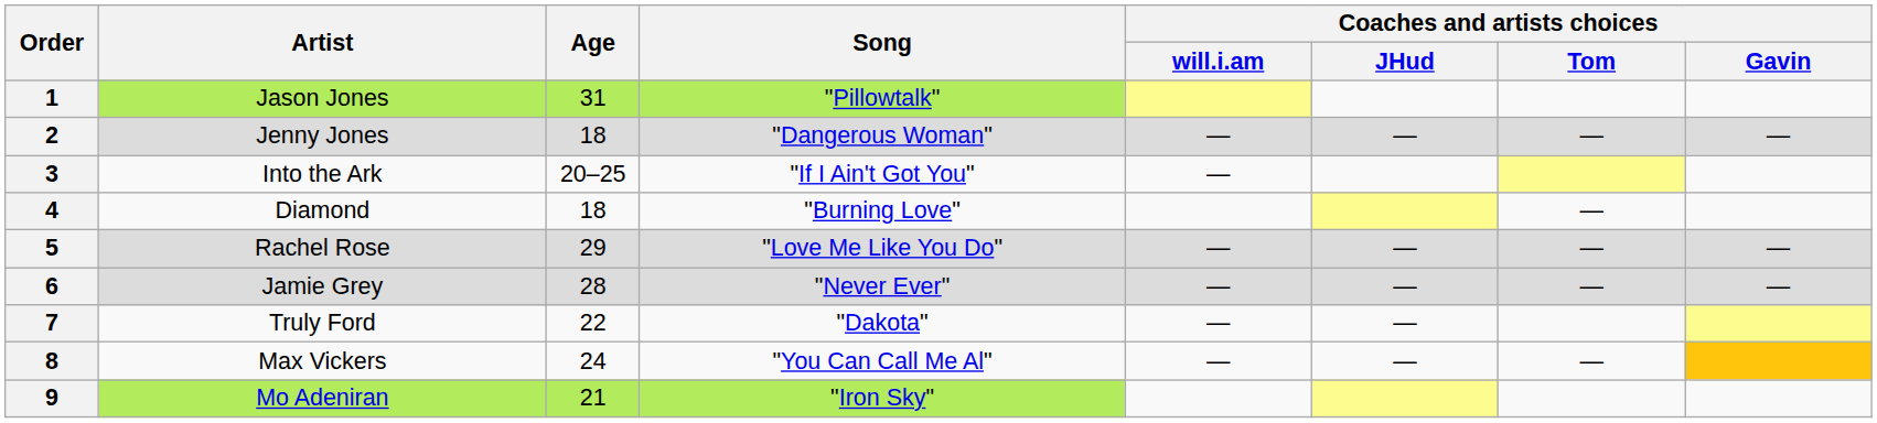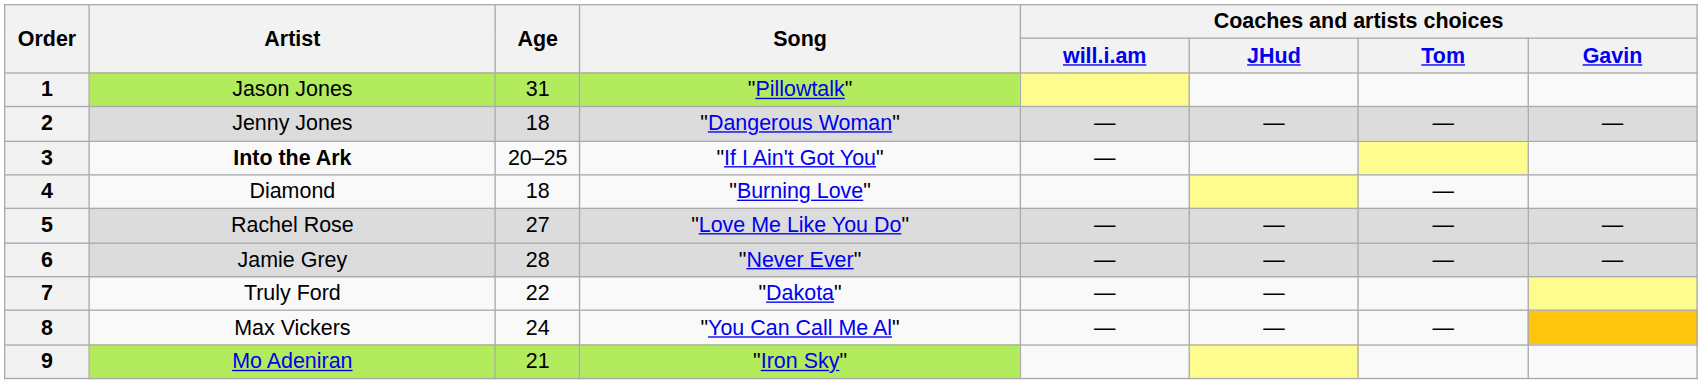 <table class="wikitable" style="text-align:center; width:100%;">
 <tr>
 <th scope="col" rowspan="2" style="width:05%;">Order</th>
 <th scope="col" rowspan="2" style="width:24%;">Artist</th>
 <th scope="col" rowspan="2" style="width:05%;">Age</th>
 <th scope="col" rowspan="2" style="width:26%;">Song</th>
 <th colspan="4" style="width:40%;">Coaches and artists choices</th>
 </tr>
 <tr>
 <th style="width:10%;"><a href='#'>will.i.am</a></th>
 <th style="width:10%;"><a href='#'>JHud</a></th>
 <th style="width:10%;"><a href='#'>Tom</a></th>
 <th style="width:10%;"><a href='#'>Gavin</a></th>
 </tr>
 <tr>
 <th>1</th>
 <td style="background-color:#B2EC5D;">Jason Jones</td>
 <td style="background-color:#B2EC5D;">31</td>
 <td style="background-color:#B2EC5D;">"<a href='#'>Pillowtalk</a>"</td>
 <td style="background:#fdfc8f;"><strong></strong></td>
 <td><strong></strong></td>
 <td><strong></strong></td>
 <td><strong></strong></td>
 </tr>
 <tr style="background:#DCDCDC">
 <th>2</th>
 <td style="background:#DCDCDC; text-align:center;">Jenny Jones</td>
 <td style="background:#DCDCDC; text-align:center;">18</td>
 <td style="background:#DCDCDC; text-align:center;">"<a href='#'>Dangerous Woman</a>"</td>
 <td>—</td>
 <td>—</td>
 <td>—</td>
 <td>—</td>
 </tr>
 <tr>
 <th>3</th>
-<td>Into the Ark</td>
+<td><strong>Into the Ark</strong></td>
 <td>20–25</td>
 <td>"<a href='#'>If I Ain't Got You</a>"</td>
 <td>—</td>
 <td><strong></strong></td>
 <td style="background:#fdfc8f;"><strong></strong></td>
 <td><strong></strong></td>
 </tr>
 <tr>
 <th>4</th>
 <td>Diamond</td>
 <td>18</td>
 <td>"<a href='#'>Burning Love</a>"</td>
 <td><strong></strong></td>
 <td style="background:#fdfc8f;"><strong></strong></td>
 <td>—</td>
 <td><strong></strong></td>
 </tr>
 <tr style="background:#DCDCDC">
 <th>5</th>
 <td style="background:#DCDCDC; text-align:center;">Rachel Rose</td>
-<td style="background:#DCDCDC; text-align:center;">29</td>
+<td style="background:#DCDCDC; text-align:center;">27</td>
 <td style="background:#DCDCDC; text-align:center;">"<a href='#'>Love Me Like You Do</a>"</td>
 <td>—</td>
 <td>—</td>
 <td>—</td>
 <td>—</td>
 </tr>
 <tr style="background:#DCDCDC">
 <th>6</th>
 <td style="background:#DCDCDC; text-align:center;">Jamie Grey</td>
 <td style="background:#DCDCDC; text-align:center;">28</td>
 <td style="background:#DCDCDC; text-align:center;">"<a href='#'>Never Ever</a>"</td>
 <td>—</td>
 <td>—</td>
 <td>—</td>
 <td>—</td>
 </tr>
 <tr>
 <th>7</th>
 <td>Truly Ford</td>
 <td>22</td>
 <td>"<a href='#'>Dakota</a>"</td>
 <td>—</td>
 <td>—</td>
 <td><strong></strong></td>
 <td style="background:#fdfc8f;"><strong></strong></td>
 </tr>
 <tr>
 <th>8</th>
 <td>Max Vickers</td>
 <td>24</td>
 <td>"<a href='#'>You Can Call Me Al</a>"</td>
 <td>—</td>
 <td>—</td>
 <td>—</td>
 <td style="background:#FFC40C;text-align:center;"><strong></strong></td>
 </tr>
 <tr>
 <th>9</th>
 <td style="background-color:#B2EC5D;"><a href='#'>Mo Adeniran</a></td>
 <td style="background-color:#B2EC5D;">21</td>
 <td style="background-color:#B2EC5D;">"<a href='#'>Iron Sky</a>"</td>
 <td><strong></strong></td>
 <td style="background:#fdfc8f;"><strong></strong></td>
 <td><strong></strong></td>
 <td><strong></strong></td>
 </tr>
 </table>
